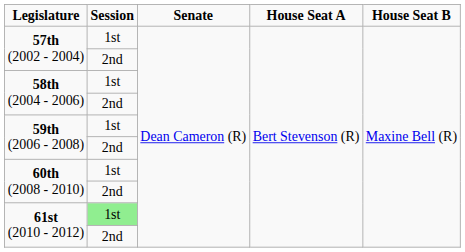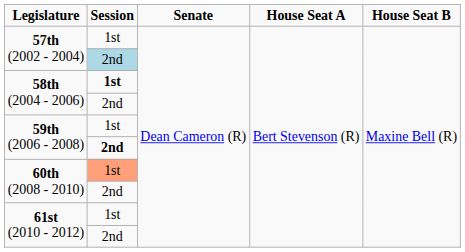 <table class=wikitable style="text-align:center">
 <tr>
 <td><strong>Legislature</strong></td>
 <td><strong>Session</strong></td>
 <td><strong>Senate</strong></td>
 <td><strong>House Seat A</strong></td>
 <td><strong>House Seat B</strong></td>
 </tr>
 <tr>
 <td rowspan="2" colspan="1" style="text-align: center;"><strong>57th</strong> <br> (2002 - 2004)</td>
 <td>1st</td>
 <td rowspan="10" colspan="1" style="text-align: center;" ><a href='#'>Dean Cameron</a> (R)</td>
 <td rowspan="10" colspan="1" style="text-align: center;" ><a href='#'>Bert Stevenson</a> (R)</td>
 <td rowspan="10" colspan="1" style="text-align: center;" ><a href='#'>Maxine Bell</a> (R)</td>
 </tr>
 <tr>
-<td>2nd</td>
+<td style="background: lightblue;">2nd</td>
 </tr>
 <tr>
 <td rowspan="2" colspan="1" style="text-align: center;"><strong>58th</strong> <br> (2004 - 2006)</td>
-<td>1st</td>
+<td><strong>1st</strong></td>
 </tr>
 <tr>
 <td>2nd</td>
 </tr>
 <tr>
 <td rowspan="2" colspan="1" style="text-align: center;"><strong>59th</strong> <br> (2006 - 2008)</td>
 <td>1st</td>
 </tr>
 <tr>
-<td>2nd</td>
+<td><strong>2nd</strong></td>
 </tr>
 <tr>
 <td rowspan="2" colspan="1" style="text-align: center;"><strong>60th</strong> <br> (2008 - 2010)</td>
-<td>1st</td>
+<td style="background: lightsalmon;">1st</td>
 </tr>
 <tr>
 <td>2nd</td>
 </tr>
 <tr>
 <td rowspan="2" colspan="1" style="text-align: center;"><strong>61st</strong> <br> (2010 - 2012)</td>
-<td style="background: lightgreen;">1st</td>
+<td>1st</td>
 </tr>
 <tr>
 <td>2nd</td>
 </tr>
 </table>
